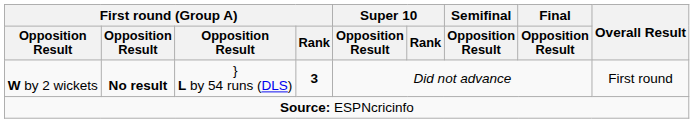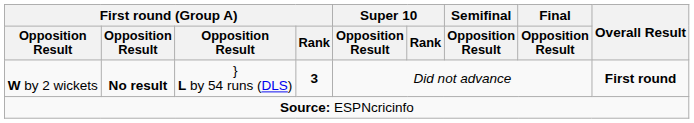 <table class=wikitable style=font-size:90%;text-align:center>
 <tr>
 <th colspan=4>First round (Group A)</th>
 <th colspan=2>Super 10</th>
 <th>Semifinal</th>
 <th>Final</th>
 <th rowspan=2>Overall Result</th>
 </tr>
 <tr style=font-size:95%>
 <th>Opposition<br>Result</th>
 <th>Opposition<br>Result</th>
 <th>Opposition<br>Result</th>
 <th>Rank</th>
 <th>Opposition<br>Result</th>
 <th>Rank</th>
 <th>Opposition<br>Result</th>
 <th>Opposition<br>Result</th>
 </tr>
 <tr>
 <td><br><strong>W</strong> by 2 wickets</td>
 <td><br><strong>No result</strong></td>
 <td>}<br><strong>L</strong> by 54 runs (<a href='#'>DLS</a>)</td>
 <td><strong>3</strong></td>
 <td colspan="4"><em>Did not advance</em></td>
-<td>First round</td>
+<td><strong>First round</strong></td>
 </tr>
 <tr>
 <td colspan="11"><strong>Source:</strong> ESPNcricinfo</td>
 </tr>
 </table>
